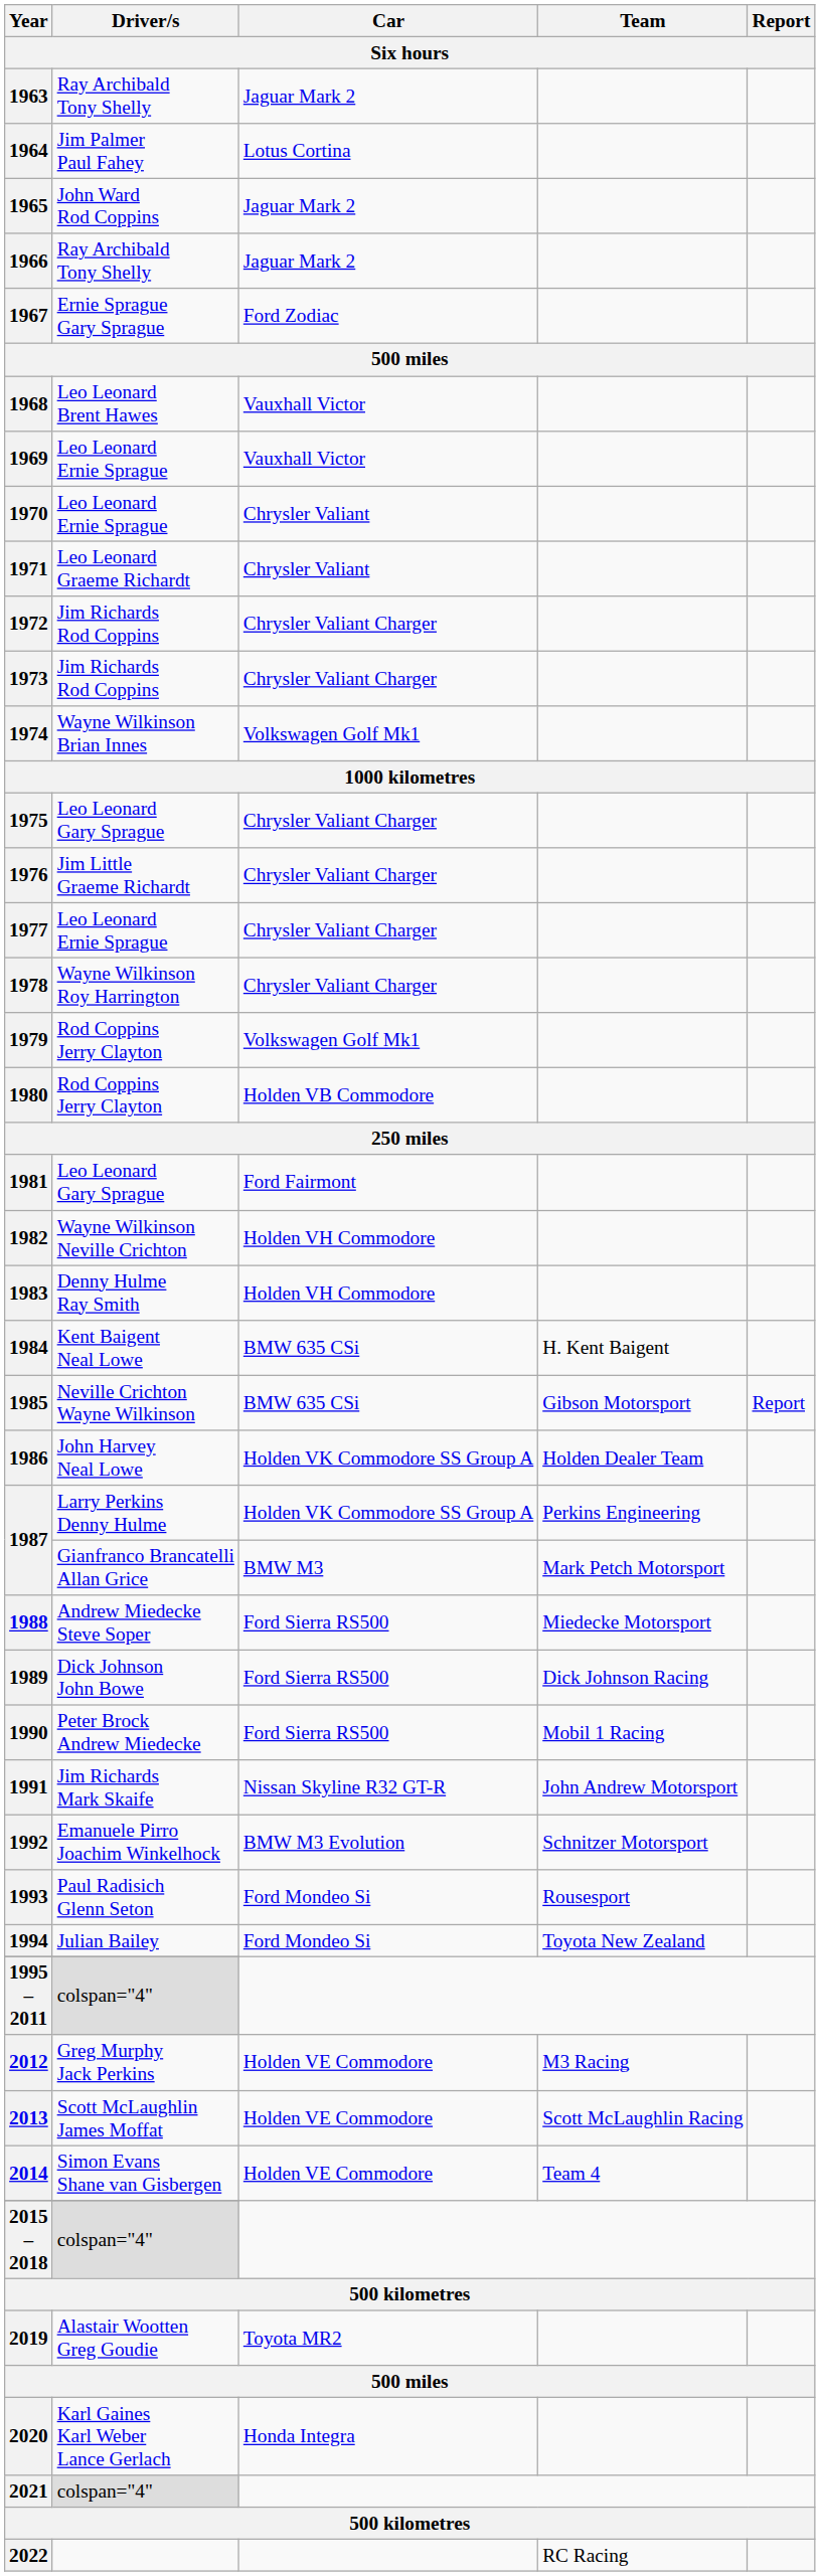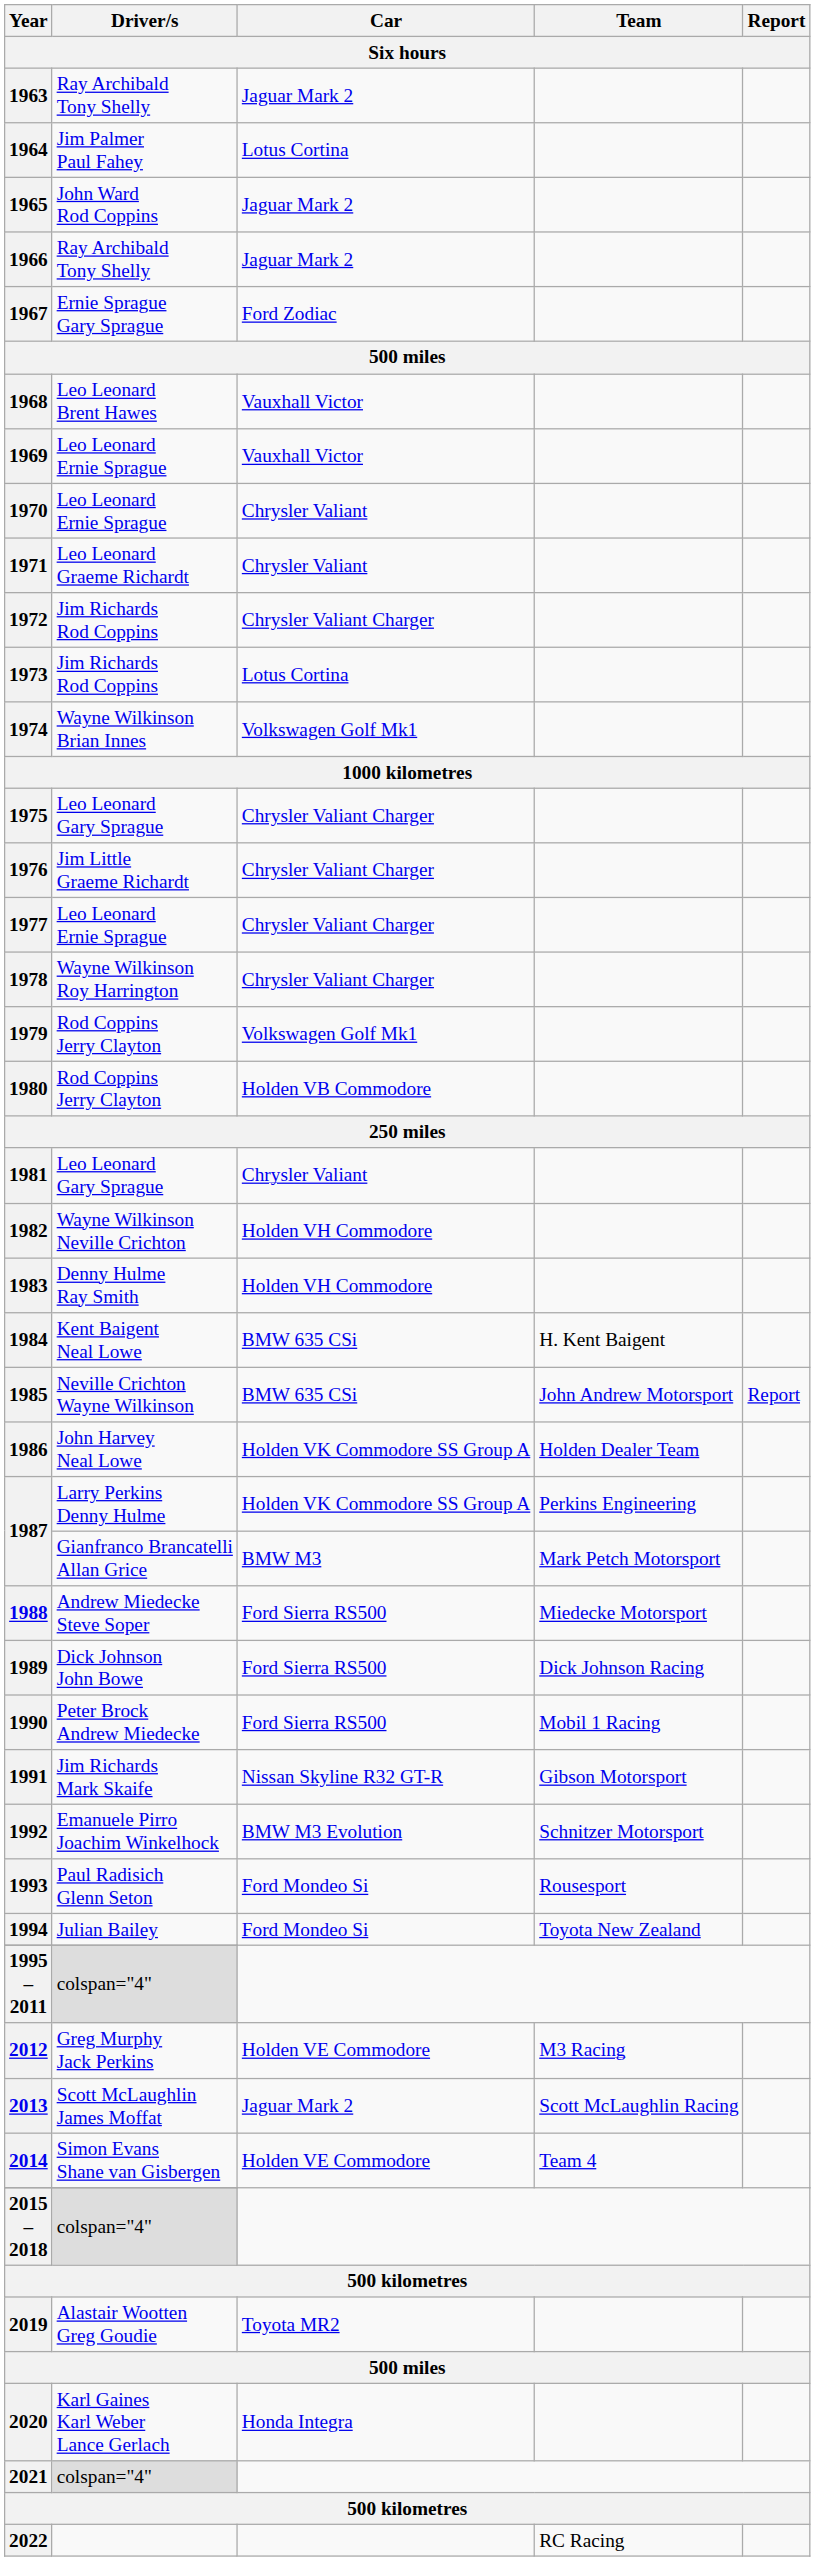 <table class="wikitable" style="font-size: 95%;">
 <tr>
 <th>Year</th>
 <th>Driver/s</th>
 <th>Car</th>
 <th>Team</th>
 <th>Report</th>
 </tr>
 <tr>
 <th colspan="5" style="text-align:center">Six hours</th>
 </tr>
 <tr>
 <th>1963</th>
 <td> <a href='#'>Ray Archibald</a><br> <a href='#'>Tony Shelly</a></td>
 <td><a href='#'>Jaguar Mark 2</a></td>
 <td></td>
 <td></td>
 </tr>
 <tr>
 <th>1964</th>
 <td> <a href='#'>Jim Palmer</a><br> <a href='#'>Paul Fahey</a></td>
 <td><a href='#'>Lotus Cortina</a></td>
 <td></td>
 <td></td>
 </tr>
 <tr>
 <th>1965</th>
 <td> <a href='#'>John Ward</a><br> <a href='#'>Rod Coppins</a></td>
 <td><a href='#'>Jaguar Mark 2</a></td>
 <td></td>
 <td></td>
 </tr>
 <tr>
 <th>1966</th>
 <td> <a href='#'>Ray Archibald</a><br> <a href='#'>Tony Shelly</a></td>
 <td><a href='#'>Jaguar Mark 2</a></td>
 <td></td>
 <td></td>
 </tr>
 <tr>
 <th>1967</th>
 <td> <a href='#'>Ernie Sprague</a><br> <a href='#'>Gary Sprague</a></td>
 <td><a href='#'>Ford Zodiac</a></td>
 <td></td>
 <td></td>
 </tr>
 <tr>
 <th colspan="5" style="text-align:center">500 miles</th>
 </tr>
 <tr>
 <th>1968</th>
 <td> <a href='#'>Leo Leonard</a><br> <a href='#'>Brent Hawes</a></td>
 <td><a href='#'>Vauxhall Victor</a></td>
 <td></td>
 <td></td>
 </tr>
 <tr>
 <th>1969</th>
 <td> <a href='#'>Leo Leonard</a><br> <a href='#'>Ernie Sprague</a></td>
 <td><a href='#'>Vauxhall Victor</a></td>
 <td></td>
 <td></td>
 </tr>
 <tr>
 <th>1970</th>
 <td> <a href='#'>Leo Leonard</a><br> <a href='#'>Ernie Sprague</a></td>
 <td><a href='#'>Chrysler Valiant</a></td>
 <td></td>
 <td></td>
 </tr>
 <tr>
 <th>1971</th>
 <td> <a href='#'>Leo Leonard</a><br> <a href='#'>Graeme Richardt</a></td>
 <td><a href='#'>Chrysler Valiant</a></td>
 <td></td>
 <td></td>
 </tr>
 <tr>
 <th>1972</th>
 <td> <a href='#'>Jim Richards</a><br> <a href='#'>Rod Coppins</a></td>
 <td><a href='#'>Chrysler Valiant Charger</a></td>
 <td></td>
 <td></td>
 </tr>
 <tr>
 <th>1973</th>
 <td> <a href='#'>Jim Richards</a><br> <a href='#'>Rod Coppins</a></td>
-<td><a href='#'>Chrysler Valiant Charger</a></td>
+<td><a href='#'>Lotus Cortina</a></td>
 <td></td>
 <td></td>
 </tr>
 <tr>
 <th>1974</th>
 <td> <a href='#'>Wayne Wilkinson</a><br> <a href='#'>Brian Innes</a></td>
 <td><a href='#'>Volkswagen Golf Mk1</a></td>
 <td></td>
 <td></td>
 </tr>
 <tr>
 <th colspan="5" style="text-align:center">1000 kilometres</th>
 </tr>
 <tr>
 <th>1975</th>
 <td> <a href='#'>Leo Leonard</a><br> <a href='#'>Gary Sprague</a></td>
 <td><a href='#'>Chrysler Valiant Charger</a></td>
 <td></td>
 <td></td>
 </tr>
 <tr>
 <th>1976</th>
 <td> <a href='#'>Jim Little</a><br> <a href='#'>Graeme Richardt</a></td>
 <td><a href='#'>Chrysler Valiant Charger</a></td>
 <td></td>
 <td></td>
 </tr>
 <tr>
 <th>1977</th>
 <td> <a href='#'>Leo Leonard</a><br> <a href='#'>Ernie Sprague</a></td>
 <td><a href='#'>Chrysler Valiant Charger</a></td>
 <td></td>
 <td></td>
 </tr>
 <tr>
 <th>1978</th>
 <td> <a href='#'>Wayne Wilkinson</a><br> <a href='#'>Roy Harrington</a></td>
 <td><a href='#'>Chrysler Valiant Charger</a></td>
 <td></td>
 <td></td>
 </tr>
 <tr>
 <th>1979</th>
 <td> <a href='#'>Rod Coppins</a><br> <a href='#'>Jerry Clayton</a></td>
 <td><a href='#'>Volkswagen Golf Mk1</a></td>
 <td></td>
 <td></td>
 </tr>
 <tr>
 <th>1980</th>
 <td> <a href='#'>Rod Coppins</a><br> <a href='#'>Jerry Clayton</a></td>
 <td><a href='#'>Holden VB Commodore</a></td>
 <td></td>
 <td></td>
 </tr>
 <tr>
 <th colspan="5" style="text-align:center">250 miles</th>
 </tr>
 <tr>
 <th>1981</th>
 <td> <a href='#'>Leo Leonard</a><br> <a href='#'>Gary Sprague</a></td>
-<td><a href='#'>Ford Fairmont</a></td>
+<td><a href='#'>Chrysler Valiant</a></td>
 <td></td>
 <td></td>
 </tr>
 <tr>
 <th>1982</th>
 <td> <a href='#'>Wayne Wilkinson</a><br> <a href='#'>Neville Crichton</a></td>
 <td><a href='#'>Holden VH Commodore</a></td>
 <td></td>
 <td></td>
 </tr>
 <tr>
 <th>1983</th>
 <td> <a href='#'>Denny Hulme</a><br> <a href='#'>Ray Smith</a></td>
 <td><a href='#'>Holden VH Commodore</a></td>
 <td></td>
 <td></td>
 </tr>
 <tr>
 <th>1984</th>
 <td> <a href='#'>Kent Baigent</a><br> <a href='#'>Neal Lowe</a></td>
 <td><a href='#'>BMW 635 CSi</a></td>
 <td>H. Kent Baigent</td>
 <td></td>
 </tr>
 <tr>
 <th>1985</th>
 <td> <a href='#'>Neville Crichton</a><br> <a href='#'>Wayne Wilkinson</a></td>
 <td><a href='#'>BMW 635 CSi</a></td>
-<td><a href='#'>Gibson Motorsport</a></td>
+<td><a href='#'>John Andrew Motorsport</a></td>
 <td><a href='#'>Report</a></td>
 </tr>
 <tr>
 <th>1986</th>
 <td> <a href='#'>John Harvey</a><br> <a href='#'>Neal Lowe</a></td>
 <td><a href='#'>Holden VK Commodore SS Group A</a></td>
 <td><a href='#'>Holden Dealer Team</a></td>
 <td></td>
 </tr>
 <tr>
 <th rowspan=2>1987</th>
 <td> <a href='#'>Larry Perkins</a><br> <a href='#'>Denny Hulme</a></td>
 <td><a href='#'>Holden VK Commodore SS Group A</a></td>
 <td><a href='#'>Perkins Engineering</a></td>
 <td></td>
 </tr>
 <tr>
 <td> <a href='#'>Gianfranco Brancatelli</a><br> <a href='#'>Allan Grice</a></td>
 <td><a href='#'>BMW M3</a></td>
 <td><a href='#'>Mark Petch Motorsport</a></td>
 <td></td>
 </tr>
 <tr>
 <th><a href='#'>1988</a></th>
 <td> <a href='#'>Andrew Miedecke</a><br> <a href='#'>Steve Soper</a></td>
 <td><a href='#'>Ford Sierra RS500</a></td>
 <td><a href='#'>Miedecke Motorsport</a></td>
 <td></td>
 </tr>
 <tr>
 <th>1989</th>
 <td> <a href='#'>Dick Johnson</a><br> <a href='#'>John Bowe</a></td>
 <td><a href='#'>Ford Sierra RS500</a></td>
 <td><a href='#'>Dick Johnson Racing</a></td>
 <td></td>
 </tr>
 <tr>
 <th>1990</th>
 <td> <a href='#'>Peter Brock</a><br> <a href='#'>Andrew Miedecke</a></td>
 <td><a href='#'>Ford Sierra RS500</a></td>
 <td><a href='#'>Mobil 1 Racing</a></td>
 <td></td>
 </tr>
 <tr>
 <th>1991</th>
 <td> <a href='#'>Jim Richards</a><br> <a href='#'>Mark Skaife</a></td>
 <td><a href='#'>Nissan Skyline R32 GT-R</a></td>
-<td><a href='#'>John Andrew Motorsport</a></td>
+<td><a href='#'>Gibson Motorsport</a></td>
 <td></td>
 </tr>
 <tr>
 <th>1992</th>
 <td> <a href='#'>Emanuele Pirro</a><br> <a href='#'>Joachim Winkelhock</a></td>
 <td><a href='#'>BMW M3 Evolution</a></td>
 <td><a href='#'>Schnitzer Motorsport</a></td>
 <td></td>
 </tr>
 <tr>
 <th>1993</th>
 <td> <a href='#'>Paul Radisich</a><br> <a href='#'>Glenn Seton</a></td>
 <td><a href='#'>Ford Mondeo Si</a></td>
 <td><a href='#'>Rousesport</a></td>
 <td></td>
 </tr>
 <tr>
 <th>1994</th>
 <td> <a href='#'>Julian Bailey</a></td>
 <td><a href='#'>Ford Mondeo Si</a></td>
 <td><a href='#'>Toyota New Zealand</a></td>
 <td></td>
 </tr>
 <tr>
 </tr>
 <tr style="background: #dddddd">
 <th>1995<br>–<br>2011</th>
 <td>colspan="4" </td>
 </tr>
 <tr>
 <th><a href='#'>2012</a></th>
 <td> <a href='#'>Greg Murphy</a><br> <a href='#'>Jack Perkins</a></td>
 <td><a href='#'>Holden VE Commodore</a></td>
 <td><a href='#'>M3 Racing</a></td>
 <td></td>
 </tr>
 <tr>
 <th><a href='#'>2013</a></th>
 <td> <a href='#'>Scott McLaughlin</a><br> <a href='#'>James Moffat</a></td>
-<td><a href='#'>Holden VE Commodore</a></td>
+<td><a href='#'>Jaguar Mark 2</a></td>
 <td><a href='#'>Scott McLaughlin Racing</a></td>
 <td></td>
 </tr>
 <tr>
 <th><a href='#'>2014</a></th>
 <td> <a href='#'>Simon Evans</a><br> <a href='#'>Shane van Gisbergen</a></td>
 <td><a href='#'>Holden VE Commodore</a></td>
 <td><a href='#'>Team 4</a></td>
 <td></td>
 </tr>
 <tr>
 </tr>
 <tr style="background: #dddddd">
 <th>2015<br>–<br>2018</th>
 <td>colspan="4" </td>
 </tr>
 <tr>
 <th colspan="5" style="text-align:center">500 kilometres</th>
 </tr>
 <tr>
 <th>2019</th>
 <td> <a href='#'>Alastair Wootten</a><br> <a href='#'>Greg Goudie</a></td>
 <td><a href='#'>Toyota MR2</a></td>
 <td></td>
 </tr>
 <tr>
 <th colspan="5" style="text-align:center">500 miles</th>
 </tr>
 <tr>
 <th>2020</th>
 <td> <a href='#'>Karl Gaines</a><br> <a href='#'>Karl Weber</a><br> <a href='#'>Lance Gerlach</a></td>
 <td><a href='#'>Honda Integra</a></td>
 <td></td>
 <td></td>
 </tr>
 <tr style="background: #dddddd">
 <th>2021</th>
 <td>colspan="4" </td>
 </tr>
 <tr>
 <th colspan="5" style="text-align:center">500 kilometres</th>
 </tr>
 <tr>
 <th>2022</th>
 <td></td>
 <td></td>
 <td>RC Racing</td>
 <td></td>
 </tr>
 </table>
